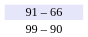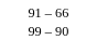 <table style="text-align:center">
 <tr>
 <th width=200></th>
 <th width=100></th>
 <th width=200></th>
 <th></th>
 </tr>
 <tr>
 <td align=right><strong></strong></td>
-<td style="background: lavender;">91 – 66</td>
+<td>91 – 66</td>
 <td align=left></td>
 </tr>
 <tr>
 <td align=right><strong></strong></td>
 <td>99 – 90</td>
 <td align=left></td>
 </tr>
 </table>
